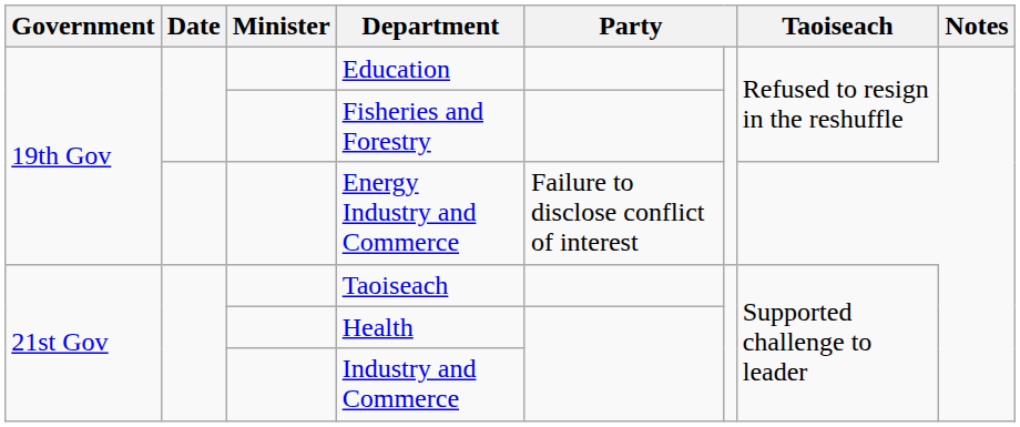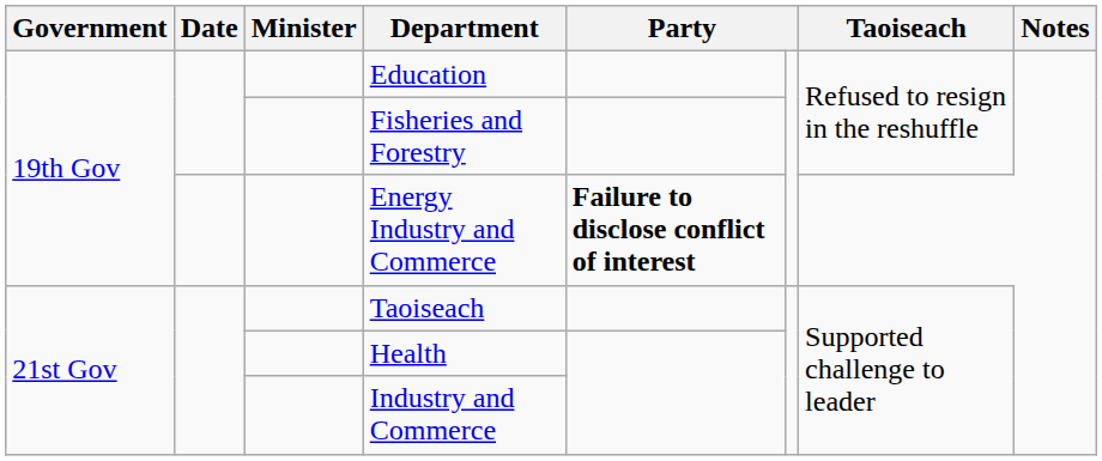 <table class="wikitable sortable">
 <tr>
 <th>Government</th>
 <th>Date</th>
 <th>Minister</th>
 <th>Department</th>
 <th colspan=2>Party</th>
 <th>Taoiseach</th>
 <th>Notes</th>
 </tr>
 <tr>
 <td rowspan=3 data-sort-value="19"><a href='#'>19th Gov</a></td>
 <td rowspan=2></td>
 <td></td>
 <td><a href='#'>Education</a></td>
 <td></td>
 <td rowspan=3></td>
 <td rowspan=2>Refused to resign in the reshuffle</td>
 </tr>
 <tr>
 <td></td>
 <td><a href='#'>Fisheries and Forestry</a></td>
 </tr>
 <tr>
 <td></td>
 <td></td>
 <td><a href='#'>Energy</a><br><a href='#'>Industry and Commerce</a></td>
-<td>Failure to disclose conflict of interest</td>
+<td><strong>Failure to disclose conflict of interest</strong></td>
 </tr>
 <tr>
 <td data-sort-value="21" rowspan=3><a href='#'>21st Gov</a></td>
 <td rowspan=3></td>
 <td></td>
 <td><a href='#'>Taoiseach</a></td>
 <td></td>
 <td rowspan=3></td>
 <td rowspan=3>Supported challenge to leader</td>
 </tr>
 <tr>
 <td></td>
 <td><a href='#'>Health</a></td>
 </tr>
 <tr>
 <td></td>
 <td><a href='#'>Industry and Commerce</a></td>
 </tr>
 </table>
